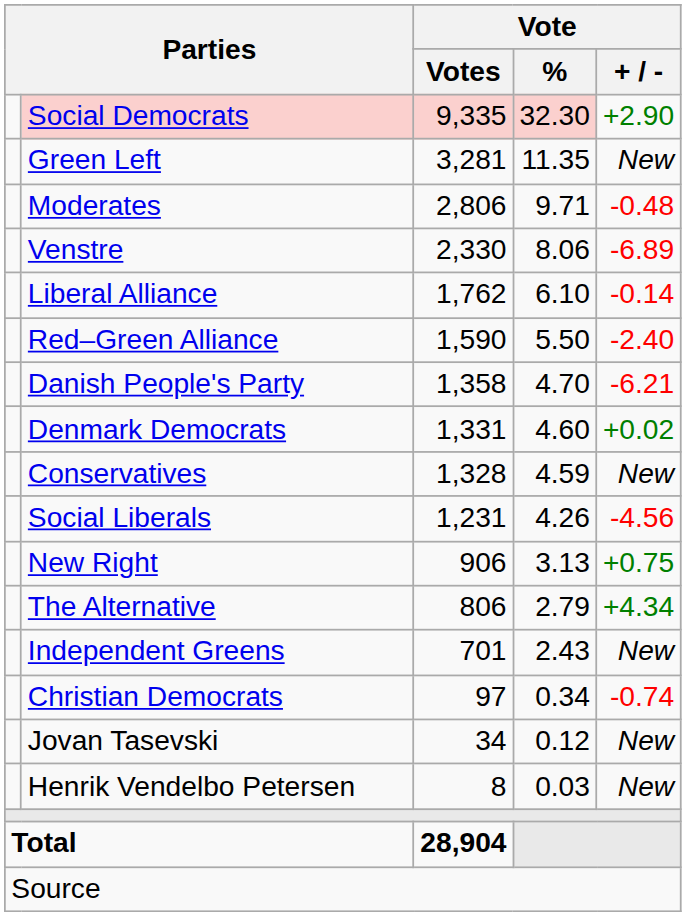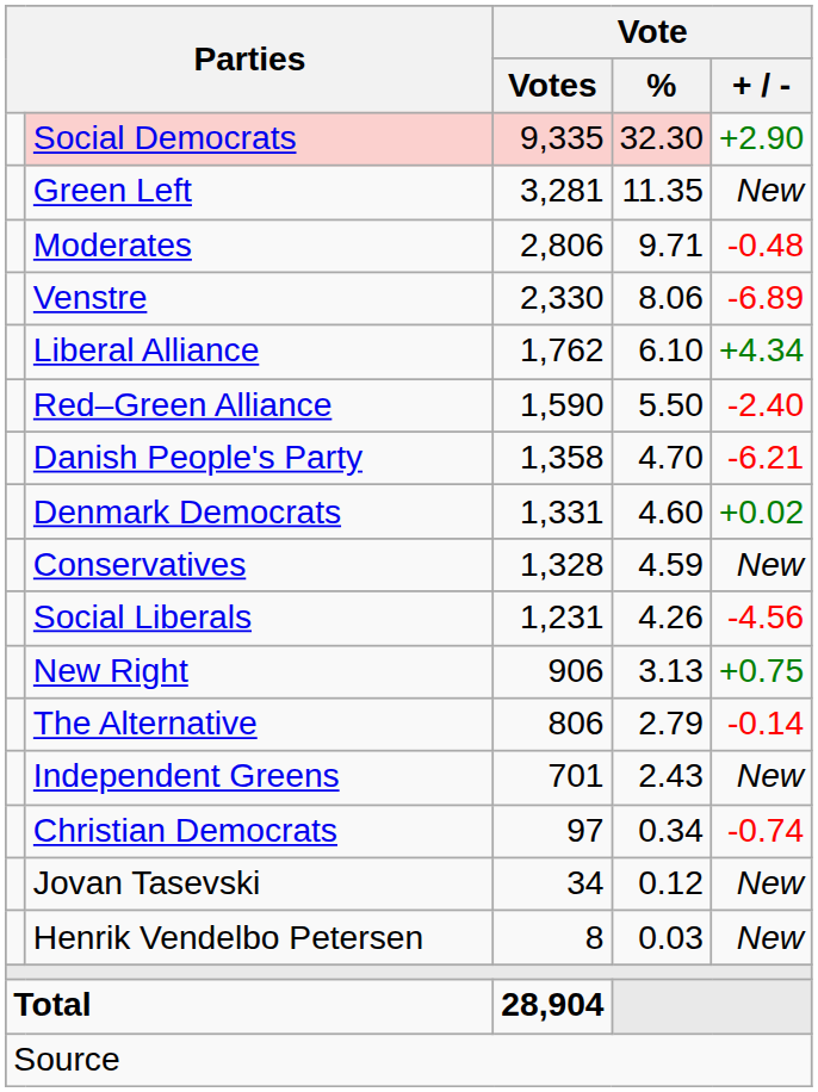 <table class="wikitable" style="text-align:right;">
 <tr>
 <th style="text-align:centre;" rowspan="2" colspan="2" width="225">Parties</th>
 <th colspan="3">Vote</th>
 </tr>
 <tr>
 <th width="15">Votes</th>
 <th width="15">%</th>
 <th width="15">+ / -</th>
 </tr>
 <tr>
 <td width="2" style="color:inherit;background:"></td>
 <td bgcolor=#fbd0ce  align="left"><a href='#'>Social Democrats</a></td>
 <td bgcolor=#fbd0ce>9,335</td>
 <td bgcolor=#fbd0ce>32.30</td>
 <td style=color:green;>+2.90</td>
 </tr>
 <tr>
 <td width="2" style="color:inherit;background:"></td>
 <td align="left"><a href='#'>Green Left</a></td>
 <td>3,281</td>
 <td>11.35</td>
 <td><em>New</em></td>
 </tr>
 <tr>
 <td width="2" style="color:inherit;background:"></td>
 <td align="left"><a href='#'>Moderates</a></td>
 <td>2,806</td>
 <td>9.71</td>
 <td style=color:red;>-0.48</td>
 </tr>
 <tr>
 <td width="2" style="color:inherit;background:"></td>
 <td align="left"><a href='#'>Venstre</a></td>
 <td>2,330</td>
 <td>8.06</td>
 <td style=color:red;>-6.89</td>
 </tr>
 <tr>
 <td width="2" style="color:inherit;background:"></td>
 <td align="left"><a href='#'>Liberal Alliance</a></td>
 <td>1,762</td>
 <td>6.10</td>
-<td style=color:red;>-0.14</td>
+<td style=color:green;>+4.34</td>
 </tr>
 <tr>
 <td width="2" style="color:inherit;background:"></td>
 <td align="left"><a href='#'>Red–Green Alliance</a></td>
 <td>1,590</td>
 <td>5.50</td>
 <td style=color:red;>-2.40</td>
 </tr>
 <tr>
 <td width="2" style="color:inherit;background:"></td>
 <td align="left"><a href='#'>Danish People's Party</a></td>
 <td>1,358</td>
 <td>4.70</td>
 <td style=color:red;>-6.21</td>
 </tr>
 <tr>
 <td width="2" style="color:inherit;background:"></td>
 <td align="left"><a href='#'>Denmark Democrats</a></td>
 <td>1,331</td>
 <td>4.60</td>
 <td style=color:green;>+0.02</td>
 </tr>
 <tr>
 <td width="2" style="color:inherit;background:"></td>
 <td align="left"><a href='#'>Conservatives</a></td>
 <td>1,328</td>
 <td>4.59</td>
 <td><em>New</em></td>
 </tr>
 <tr>
 <td width="2" style="color:inherit;background:"></td>
 <td align="left"><a href='#'>Social Liberals</a></td>
 <td>1,231</td>
 <td>4.26</td>
 <td style=color:red;>-4.56</td>
 </tr>
 <tr>
 <td width="2" style="color:inherit;background:"></td>
 <td align="left"><a href='#'>New Right</a></td>
 <td>906</td>
 <td>3.13</td>
 <td style=color:green;>+0.75</td>
 </tr>
 <tr>
 <td width="2" style="color:inherit;background:"></td>
 <td align="left"><a href='#'>The Alternative</a></td>
 <td>806</td>
 <td>2.79</td>
-<td style=color:green;>+4.34</td>
+<td style=color:red;>-0.14</td>
 </tr>
 <tr>
 <td width="2" style="color:inherit;background:"></td>
 <td align="left"><a href='#'>Independent Greens</a></td>
 <td>701</td>
 <td>2.43</td>
 <td><em>New</em></td>
 </tr>
 <tr>
 <td width="2" style="color:inherit;background:"></td>
 <td align="left"><a href='#'>Christian Democrats</a></td>
 <td>97</td>
 <td>0.34</td>
 <td style=color:red;>-0.74</td>
 </tr>
 <tr>
 <td width="2" style="color:inherit;background:"></td>
 <td align="left">Jovan Tasevski</td>
 <td>34</td>
 <td>0.12</td>
 <td><em>New</em></td>
 </tr>
 <tr>
 <td width="2" style="color:inherit;background:"></td>
 <td align="left">Henrik Vendelbo Petersen</td>
 <td>8</td>
 <td>0.03</td>
 <td><em>New</em></td>
 </tr>
 <tr>
 <td colspan="7" bgcolor="#E9E9E9"></td>
 </tr>
 <tr>
 <td align="left" colspan="2"><strong>Total</strong></td>
 <td><strong>28,904</strong></td>
 <td bgcolor="#E9E9E9" colspan="2"></td>
 </tr>
 <tr>
 <td align="left" colspan="6">Source</td>
 </tr>
 </table>
